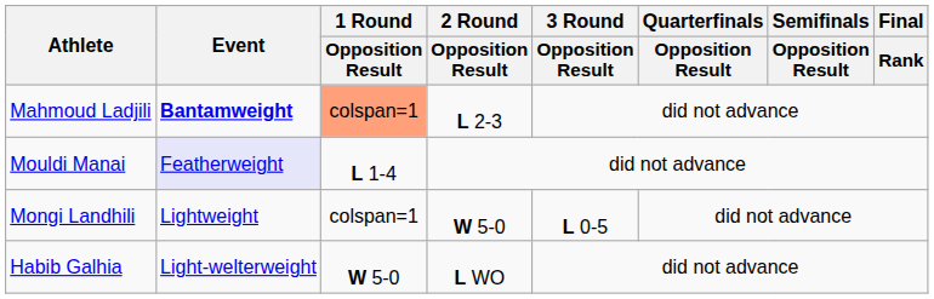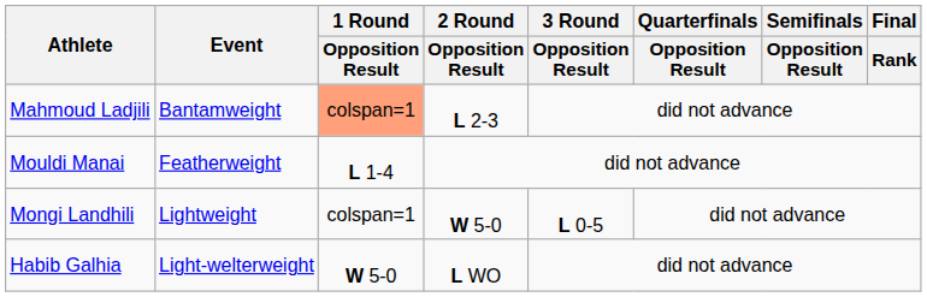 <table class="wikitable" style="font-size:90%">
 <tr>
 <th rowspan="2">Athlete</th>
 <th rowspan="2">Event</th>
 <th>1 Round</th>
 <th>2 Round</th>
 <th>3 Round</th>
 <th>Quarterfinals</th>
 <th>Semifinals</th>
 <th colspan=2>Final</th>
 </tr>
 <tr style="font-size:95%">
 <th>Opposition<br>Result</th>
 <th>Opposition<br>Result</th>
 <th>Opposition<br>Result</th>
 <th>Opposition<br>Result</th>
 <th>Opposition<br>Result</th>
 <th colspan=2>Rank</th>
 </tr>
 <tr align=center>
 <td align=left><a href='#'>Mahmoud Ladjili</a></td>
-<td align=left><strong><a href='#'>Bantamweight</a></strong></td>
+<td align=left><a href='#'>Bantamweight</a></td>
 <td style="background: lightsalmon;">colspan=1 </td>
 <td><br><strong>L</strong> 2-3</td>
 <td colspan=5>did not advance</td>
 </tr>
 <tr align=center>
 <td align=left><a href='#'>Mouldi Manai</a></td>
-<td align=left style="background: lavender;"><a href='#'>Featherweight</a></td>
+<td align=left><a href='#'>Featherweight</a></td>
 <td><br><strong>L</strong> 1-4</td>
 <td colspan=6>did not advance</td>
 </tr>
 <tr align=center>
 <td align=left><a href='#'>Mongi Landhili</a></td>
 <td align=left><a href='#'>Lightweight</a></td>
 <td>colspan=1 </td>
 <td><br><strong>W</strong> 5-0</td>
 <td><br><strong>L</strong> 0-5</td>
 <td colspan=4>did not advance</td>
 </tr>
 <tr align=center>
 <td align=left><a href='#'>Habib Galhia</a></td>
 <td align=left><a href='#'>Light-welterweight</a></td>
 <td><br><strong>W</strong> 5-0</td>
 <td><br><strong>L</strong> WO</td>
 <td colspan=4>did not advance</td>
 </tr>
 </table>
